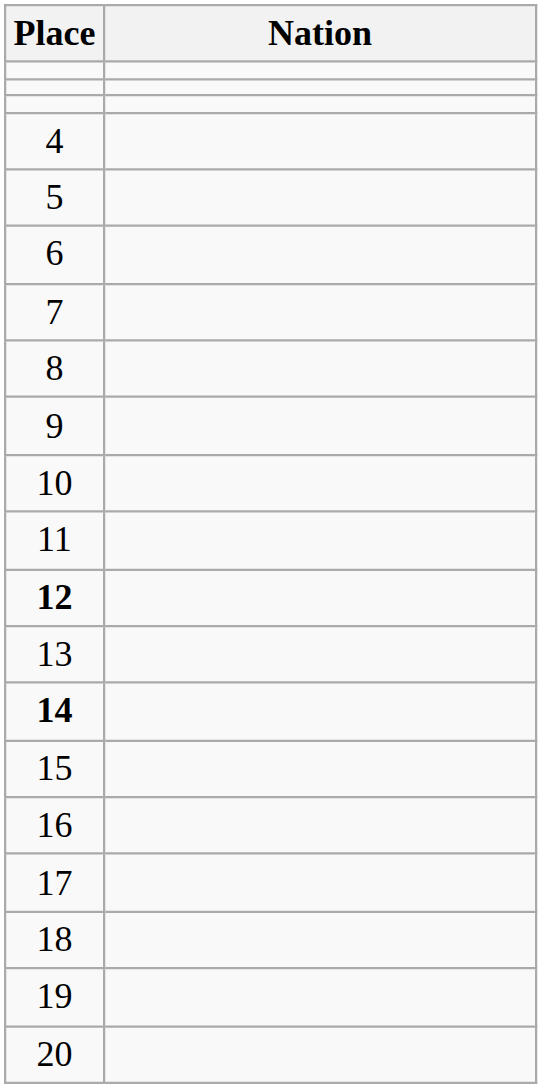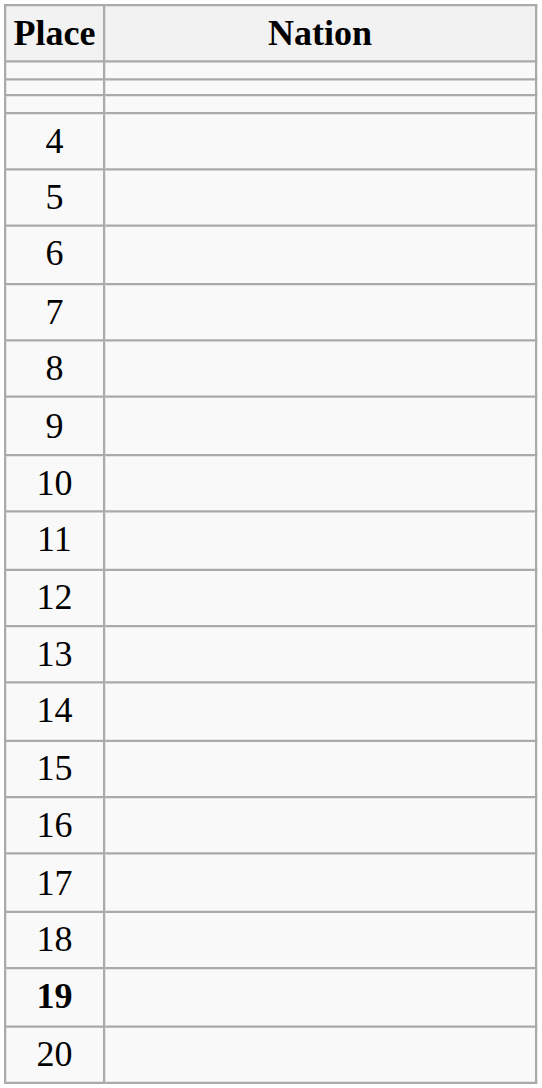 <table class=wikitable style=text-align:center>
 <tr>
 <th width=35>Place</th>
 <th width=185>Nation</th>
 </tr>
 <tr>
 <td></td>
 <td style=text-align:left></td>
 </tr>
 <tr>
 <td></td>
 <td style=text-align:left></td>
 </tr>
 <tr>
 <td></td>
 <td style=text-align:left></td>
 </tr>
 <tr>
 <td>4</td>
 <td style=text-align:left></td>
 </tr>
 <tr>
 <td>5</td>
 <td style=text-align:left></td>
 </tr>
 <tr>
 <td>6</td>
 <td style=text-align:left></td>
 </tr>
 <tr>
 <td>7</td>
 <td style=text-align:left></td>
 </tr>
 <tr>
 <td>8</td>
 <td style=text-align:left></td>
 </tr>
 <tr>
 <td>9</td>
 <td style=text-align:left></td>
 </tr>
 <tr>
 <td>10</td>
 <td style=text-align:left></td>
 </tr>
 <tr>
 <td>11</td>
 <td style=text-align:left></td>
 </tr>
 <tr>
-<td><strong>12</strong></td>
+<td>12</td>
 <td style=text-align:left></td>
 </tr>
 <tr>
 <td>13</td>
 <td style=text-align:left></td>
 </tr>
 <tr>
-<td><strong>14</strong></td>
+<td>14</td>
 <td style=text-align:left></td>
 </tr>
 <tr>
 <td>15</td>
 <td style=text-align:left></td>
 </tr>
 <tr>
 <td>16</td>
 <td style=text-align:left></td>
 </tr>
 <tr>
 <td>17</td>
 <td style=text-align:left></td>
 </tr>
 <tr>
 <td>18</td>
 <td style=text-align:left></td>
 </tr>
 <tr>
-<td>19</td>
+<td><strong>19</strong></td>
 <td style=text-align:left></td>
 </tr>
 <tr>
 <td>20</td>
 <td style=text-align:left></td>
 </tr>
 </table>
